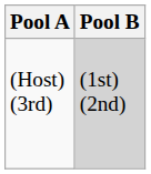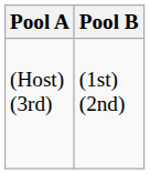 <table class="wikitable">
 <tr>
 <th width=50%>Pool A</th>
 <th width=50%>Pool B</th>
 </tr>
 <tr>
 <td valign=top><br> (Host)<br>  (3rd)<br> <br> </td>
-<td style="background: lightgrey;"><br> (1st)<br>  (2nd)<br> <br> <br> </td>
+<td><br> (1st)<br>  (2nd)<br> <br> <br> </td>
 </tr>
 </table>
